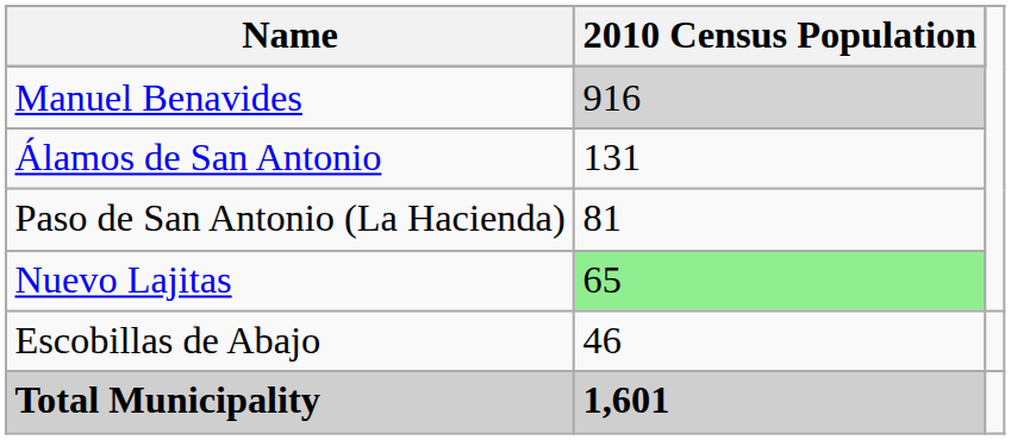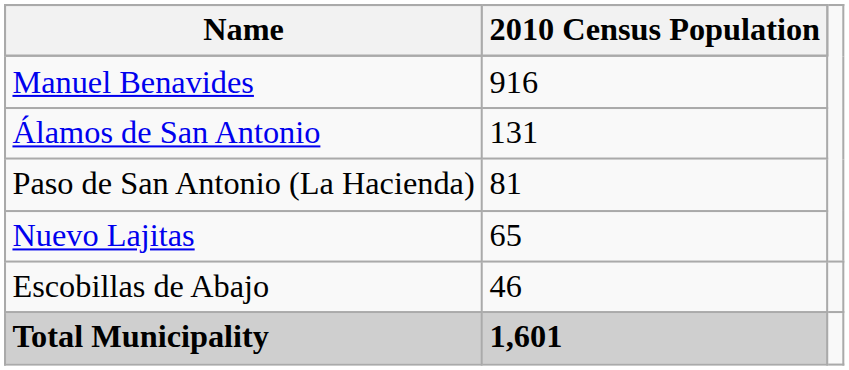 <table class="wikitable">
 <tr style="background:#000000; color:black;">
 <th><strong>Name</strong></th>
 <th><strong>2010 Census Population</strong></th>
 </tr>
 <tr>
 <td><a href='#'>Manuel Benavides</a></td>
-<td style="background: lightgrey;">916</td>
+<td>916</td>
 </tr>
 <tr>
 <td><a href='#'>Álamos de San Antonio</a></td>
 <td>131</td>
 </tr>
 <tr>
 <td>Paso de San Antonio (La Hacienda)</td>
 <td>81</td>
 </tr>
 <tr>
 <td><a href='#'>Nuevo Lajitas</a></td>
-<td style="background: lightgreen;">65</td>
+<td>65</td>
 </tr>
 <tr>
 <td>Escobillas de Abajo</td>
 <td>46</td>
 <td></td>
 </tr>
 <tr style="background:#CFCFCF;">
 <td><strong>Total Municipality</strong></td>
 <td><strong>1,601</strong></td>
 </tr>
 </table>
